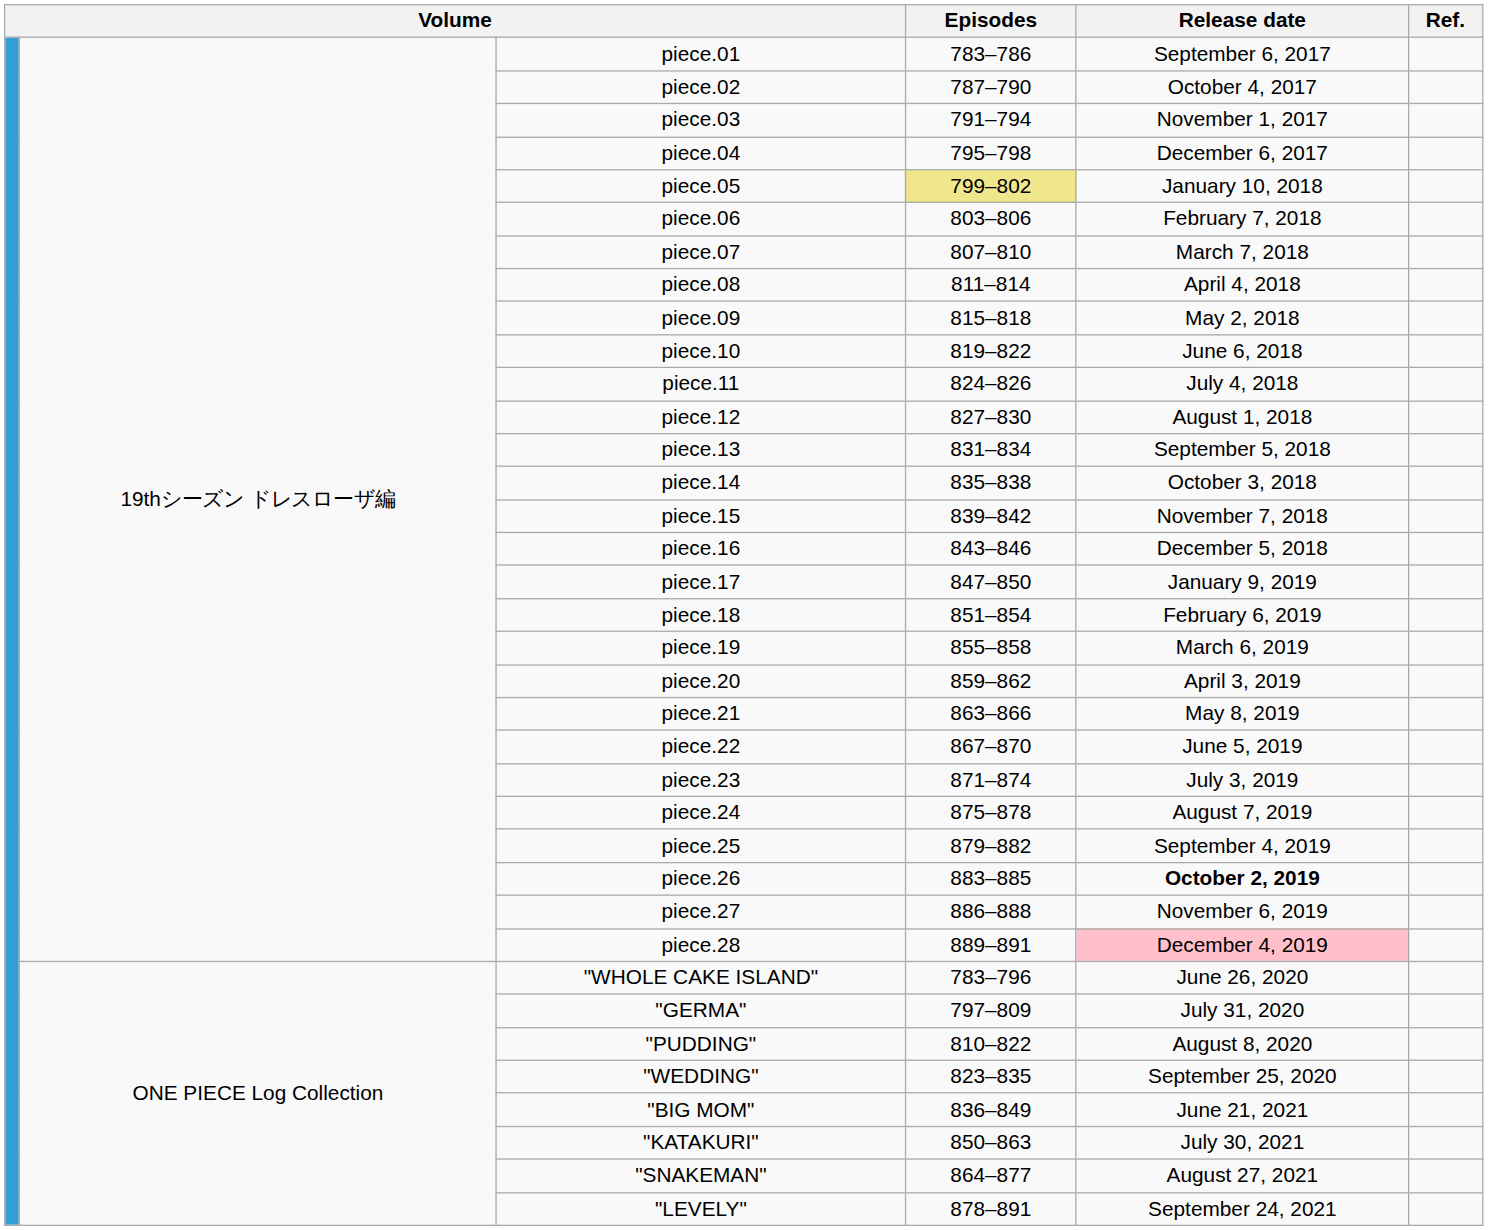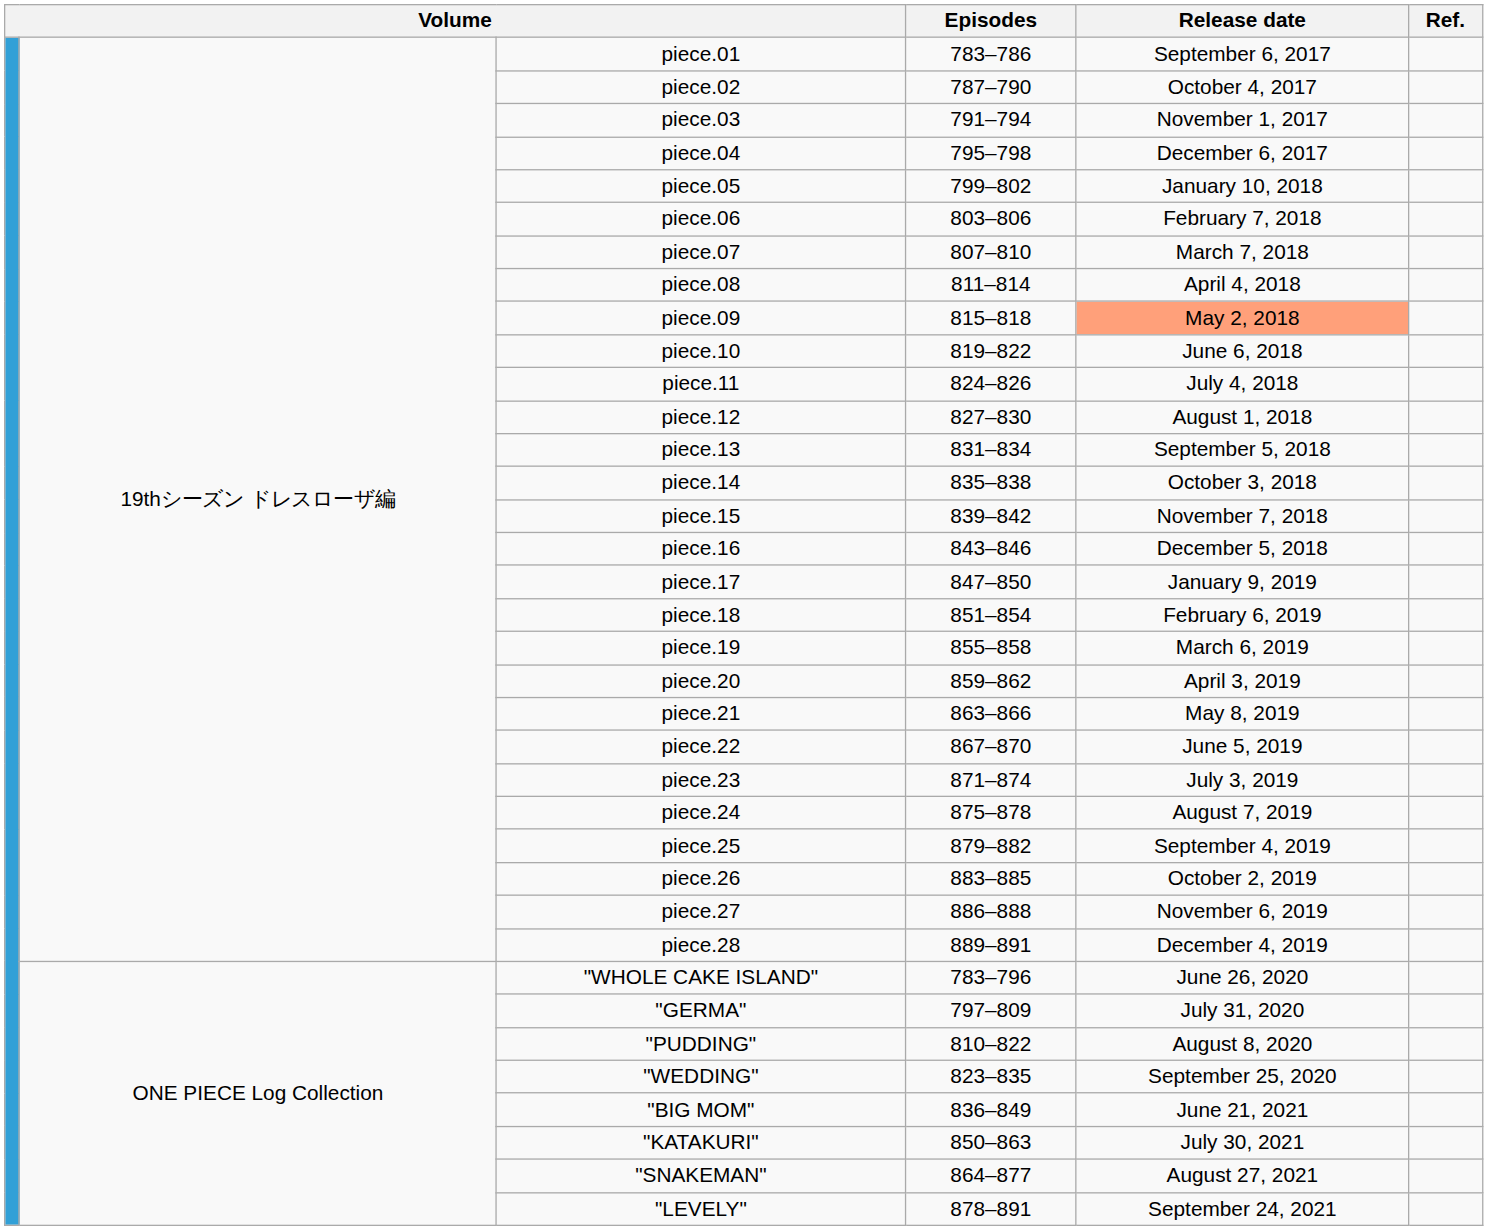 <table class="wikitable" style="text-align: center; width: 90%;">
 <tr>
 <th colspan="3">Volume</th>
 <th>Episodes</th>
 <th>Release date</th>
 <th style="width:5%;">Ref.</th>
 </tr>
 <tr>
 <td rowspan="112" style="width:1%; background:#31A0D7;"></td>
 <td rowspan="28">19thシーズン ドレスローザ編</td>
 <td>piece.01</td>
 <td>783–786</td>
 <td>September 6, 2017</td>
 <td></td>
 </tr>
 <tr>
 <td>piece.02</td>
 <td>787–790</td>
 <td>October 4, 2017</td>
 <td></td>
 </tr>
 <tr>
 <td>piece.03</td>
 <td>791–794</td>
 <td>November 1, 2017</td>
 <td></td>
 </tr>
 <tr>
 <td>piece.04</td>
 <td>795–798</td>
 <td>December 6, 2017</td>
 <td></td>
 </tr>
 <tr>
 <td>piece.05</td>
-<td style="background: khaki;">799–802</td>
+<td>799–802</td>
 <td>January 10, 2018</td>
 <td></td>
 </tr>
 <tr>
 <td>piece.06</td>
 <td>803–806</td>
 <td>February 7, 2018</td>
 <td></td>
 </tr>
 <tr>
 <td>piece.07</td>
 <td>807–810</td>
 <td>March 7, 2018</td>
 <td></td>
 </tr>
 <tr>
 <td>piece.08</td>
 <td>811–814</td>
 <td>April 4, 2018</td>
 <td></td>
 </tr>
 <tr>
 <td>piece.09</td>
 <td>815–818</td>
-<td>May 2, 2018</td>
+<td style="background: lightsalmon;">May 2, 2018</td>
 <td></td>
 </tr>
 <tr>
 <td>piece.10</td>
 <td>819–822</td>
 <td>June 6, 2018</td>
 <td></td>
 </tr>
 <tr>
 <td>piece.11</td>
 <td>824–826</td>
 <td>July 4, 2018</td>
 <td></td>
 </tr>
 <tr>
 <td>piece.12</td>
 <td>827–830</td>
 <td>August 1, 2018</td>
 <td></td>
 </tr>
 <tr>
 <td>piece.13</td>
 <td>831–834</td>
 <td>September 5, 2018</td>
 <td></td>
 </tr>
 <tr>
 <td>piece.14</td>
 <td>835–838</td>
 <td>October 3, 2018</td>
 <td></td>
 </tr>
 <tr>
 <td>piece.15</td>
 <td>839–842</td>
 <td>November 7, 2018</td>
 <td></td>
 </tr>
 <tr>
 <td>piece.16</td>
 <td>843–846</td>
 <td>December 5, 2018</td>
 <td></td>
 </tr>
 <tr>
 <td>piece.17</td>
 <td>847–850</td>
 <td>January 9, 2019</td>
 <td></td>
 </tr>
 <tr>
 <td>piece.18</td>
 <td>851–854</td>
 <td>February 6, 2019</td>
 <td></td>
 </tr>
 <tr>
 <td>piece.19</td>
 <td>855–858</td>
 <td>March 6, 2019</td>
 <td></td>
 </tr>
 <tr>
 <td>piece.20</td>
 <td>859–862</td>
 <td>April 3, 2019</td>
 <td></td>
 </tr>
 <tr>
 <td>piece.21</td>
 <td>863–866</td>
 <td>May 8, 2019</td>
 <td></td>
 </tr>
 <tr>
 <td>piece.22</td>
 <td>867–870</td>
 <td>June 5, 2019</td>
 <td></td>
 </tr>
 <tr>
 <td>piece.23</td>
 <td>871–874</td>
 <td>July 3, 2019</td>
 <td></td>
 </tr>
 <tr>
 <td>piece.24</td>
 <td>875–878</td>
 <td>August 7, 2019</td>
 <td></td>
 </tr>
 <tr>
 <td>piece.25</td>
 <td>879–882</td>
 <td>September 4, 2019</td>
 <td></td>
 </tr>
 <tr>
 <td>piece.26</td>
 <td>883–885</td>
-<td><strong>October 2, 2019</strong></td>
+<td>October 2, 2019</td>
 <td></td>
 </tr>
 <tr>
 <td>piece.27</td>
 <td>886–888</td>
 <td>November 6, 2019</td>
 <td></td>
 </tr>
 <tr>
 <td>piece.28</td>
 <td>889–891</td>
-<td style="background: pink;">December 4, 2019</td>
+<td>December 4, 2019</td>
 <td></td>
 </tr>
 <tr>
 <td rowspan="8">ONE PIECE Log Collection</td>
 <td>"WHOLE CAKE ISLAND"</td>
 <td>783–796</td>
 <td>June 26, 2020</td>
 <td></td>
 </tr>
 <tr>
 <td>"GERMA"</td>
 <td>797–809</td>
 <td>July 31, 2020</td>
 <td></td>
 </tr>
 <tr>
 <td>"PUDDING"</td>
 <td>810–822</td>
 <td>August 8, 2020</td>
 <td></td>
 </tr>
 <tr>
 <td>"WEDDING"</td>
 <td>823–835</td>
 <td>September 25, 2020</td>
 <td></td>
 </tr>
 <tr>
 <td>"BIG MOM"</td>
 <td>836–849</td>
 <td>June 21, 2021</td>
 <td></td>
 </tr>
 <tr>
 <td>"KATAKURI"</td>
 <td>850–863</td>
 <td>July 30, 2021</td>
 <td></td>
 </tr>
 <tr>
 <td>"SNAKEMAN"</td>
 <td>864–877</td>
 <td>August 27, 2021</td>
 <td></td>
 </tr>
 <tr>
 <td>"LEVELY"</td>
 <td>878–891</td>
 <td>September 24, 2021</td>
 <td></td>
 </tr>
 </table>
